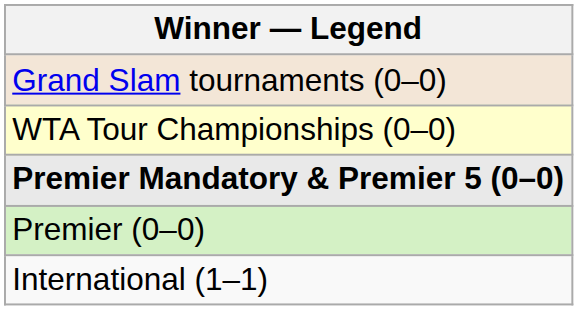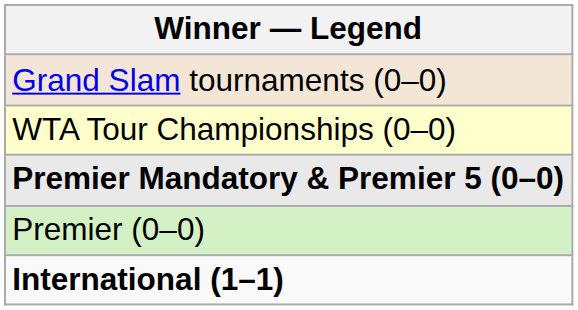 <table class="wikitable sortable mw-collapsible mw-collapsed">
 <tr>
 <th>Winner — Legend</th>
 </tr>
 <tr>
 <td style="background:#f3e6d7;"><a href='#'>Grand Slam</a> tournaments (0–0)</td>
 </tr>
 <tr>
 <td style="background:#ffc;">WTA Tour Championships (0–0)</td>
 </tr>
 <tr>
 <td style="background:#e9e9e9;"><strong>Premier Mandatory & Premier 5 (0–0)</strong></td>
 </tr>
 <tr>
 <td style="background:#d4f1c5;">Premier (0–0)</td>
 </tr>
 <tr>
-<td>International (1–1)</td>
+<td><strong>International (1–1)</strong></td>
 </tr>
 </table>
